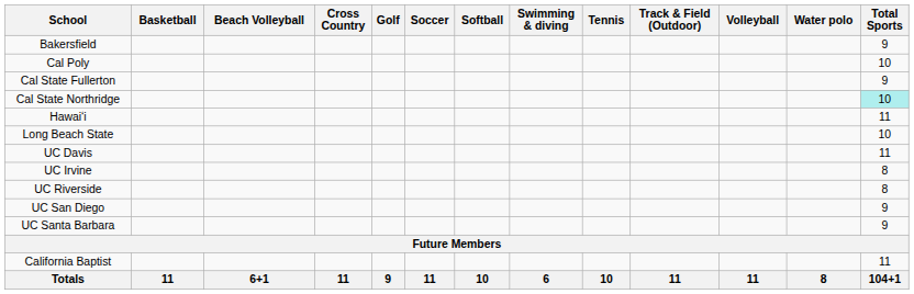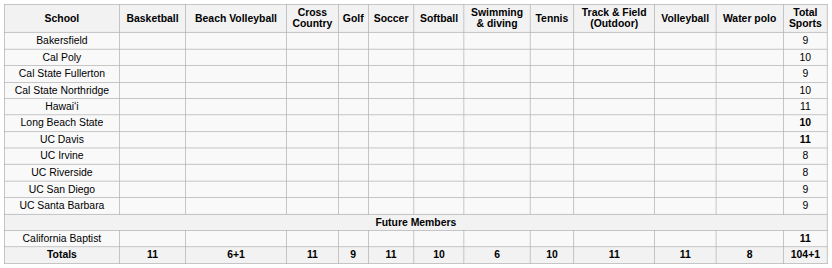 <table class="wikitable" style="text-align:center; width:80%">
 <tr>
 <th>School</th>
 <th>Basketball</th>
 <th>Beach Volleyball</th>
 <th>Cross<br>Country</th>
 <th>Golf</th>
 <th>Soccer</th>
 <th>Softball</th>
 <th>Swimming<br>& diving</th>
 <th>Tennis</th>
 <th>Track & Field<br>(Outdoor)</th>
 <th>Volleyball</th>
 <th>Water polo</th>
 <th>Total<br> Sports</th>
 </tr>
 <tr>
 <td>Bakersfield</td>
 <td></td>
 <td></td>
 <td></td>
 <td></td>
 <td></td>
 <td></td>
 <td></td>
 <td></td>
 <td></td>
 <td></td>
 <td></td>
 <td>9</td>
 </tr>
 <tr>
 <td>Cal Poly</td>
 <td></td>
 <td></td>
 <td><sup></sup></td>
 <td></td>
 <td></td>
 <td></td>
 <td></td>
 <td></td>
 <td></td>
 <td></td>
 <td></td>
 <td>10</td>
 </tr>
 <tr>
 <td>Cal State Fullerton</td>
 <td></td>
 <td></td>
 <td></td>
 <td></td>
 <td></td>
 <td></td>
 <td></td>
 <td></td>
 <td></td>
 <td></td>
 <td></td>
 <td>9</td>
 </tr>
 <tr>
 <td>Cal State Northridge</td>
 <td></td>
 <td></td>
 <td></td>
 <td></td>
 <td></td>
 <td></td>
 <td></td>
 <td></td>
 <td></td>
 <td></td>
 <td></td>
-<td style="background: paleturquoise;">10</td>
+<td>10</td>
 </tr>
 <tr>
 <td>Hawaiʻi</td>
 <td></td>
 <td></td>
 <td></td>
 <td></td>
 <td></td>
 <td></td>
 <td></td>
 <td></td>
 <td></td>
 <td></td>
 <td></td>
 <td>11</td>
 </tr>
 <tr>
 <td>Long Beach State</td>
 <td></td>
 <td></td>
 <td></td>
 <td></td>
 <td></td>
 <td></td>
 <td></td>
 <td></td>
 <td></td>
 <td></td>
 <td></td>
-<td>10</td>
+<td><strong>10</strong></td>
 </tr>
 <tr>
 <td>UC Davis</td>
 <td></td>
 <td></td>
 <td></td>
 <td></td>
 <td></td>
 <td></td>
 <td></td>
 <td></td>
 <td></td>
 <td></td>
 <td></td>
-<td>11</td>
+<td><strong>11</strong></td>
 </tr>
 <tr>
 <td>UC Irvine</td>
 <td></td>
 <td></td>
 <td><sup></sup></td>
 <td></td>
 <td></td>
 <td></td>
 <td></td>
 <td></td>
 <td></td>
 <td></td>
 <td></td>
 <td>8</td>
 </tr>
 <tr>
 <td>UC Riverside</td>
 <td></td>
 <td></td>
 <td><sup></sup></td>
 <td></td>
 <td></td>
 <td></td>
 <td></td>
 <td></td>
 <td></td>
 <td></td>
 <td></td>
 <td>8</td>
 </tr>
 <tr>
 <td>UC San Diego</td>
 <td></td>
 <td></td>
 <td><sup></sup></td>
 <td></td>
 <td></td>
 <td></td>
 <td></td>
 <td></td>
 <td></td>
 <td></td>
 <td></td>
 <td>9</td>
 </tr>
 <tr>
 <td>UC Santa Barbara</td>
 <td></td>
 <td></td>
 <td><sup></sup></td>
 <td></td>
 <td></td>
 <td></td>
 <td></td>
 <td></td>
 <td></td>
 <td></td>
 <td></td>
 <td>9</td>
 </tr>
 <tr>
 <th colspan="13">Future Members</th>
 </tr>
 <tr>
 <td>California Baptist</td>
 <td></td>
 <td></td>
 <td></td>
 <td></td>
 <td></td>
 <td></td>
 <td></td>
 <td></td>
 <td></td>
 <td></td>
 <td></td>
-<td>11</td>
+<td><strong>11</strong></td>
 </tr>
 <tr>
 <th>Totals</th>
 <th>11</th>
 <th>6+1</th>
 <th>11</th>
 <th>9</th>
 <th>11</th>
 <th>10</th>
 <th>6</th>
 <th>10</th>
 <th>11</th>
 <th>11</th>
 <th>8</th>
 <th>104+1</th>
 </tr>
 </table>
